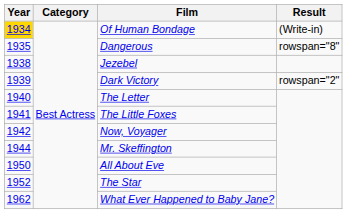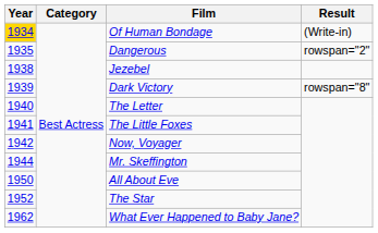 <table class="wikitable plainrowheaders sortable">
 <tr>
 <th>Year</th>
 <th>Category</th>
 <th>Film</th>
 <th>Result</th>
 </tr>
 <tr>
 <td style="background: gold;"><a href='#'>1934</a></td>
 <td rowspan="11"><a href='#'>Best Actress</a></td>
 <td><em><a href='#'>Of Human Bondage</a></em></td>
 <td> (Write-in)</td>
 </tr>
 <tr>
 <td><a href='#'>1935</a></td>
 <td><em><a href='#'>Dangerous</a></em></td>
-<td>rowspan="8" </td>
+<td>rowspan="2" </td>
 </tr>
 <tr>
 <td><a href='#'>1938</a></td>
 <td><em><a href='#'>Jezebel</a></em></td>
 </tr>
 <tr>
 <td><a href='#'>1939</a></td>
 <td><em><a href='#'>Dark Victory</a></em></td>
-<td>rowspan="2" </td>
+<td>rowspan="8" </td>
 </tr>
 <tr>
 <td><a href='#'>1940</a></td>
 <td><em><a href='#'>The Letter</a></em></td>
 </tr>
 <tr>
 <td><a href='#'>1941</a></td>
 <td><em><a href='#'>The Little Foxes</a></em></td>
 </tr>
 <tr>
 <td><a href='#'>1942</a></td>
 <td><em><a href='#'>Now, Voyager</a></em></td>
 </tr>
 <tr>
 <td><a href='#'>1944</a></td>
 <td><em><a href='#'>Mr. Skeffington</a></em></td>
 </tr>
 <tr>
 <td><a href='#'>1950</a></td>
 <td><em><a href='#'>All About Eve</a></em></td>
 </tr>
 <tr>
 <td><a href='#'>1952</a></td>
 <td><em><a href='#'>The Star</a></em></td>
 </tr>
 <tr>
 <td><a href='#'>1962</a></td>
 <td><em><a href='#'>What Ever Happened to Baby Jane?</a></em></td>
 </tr>
 </table>
